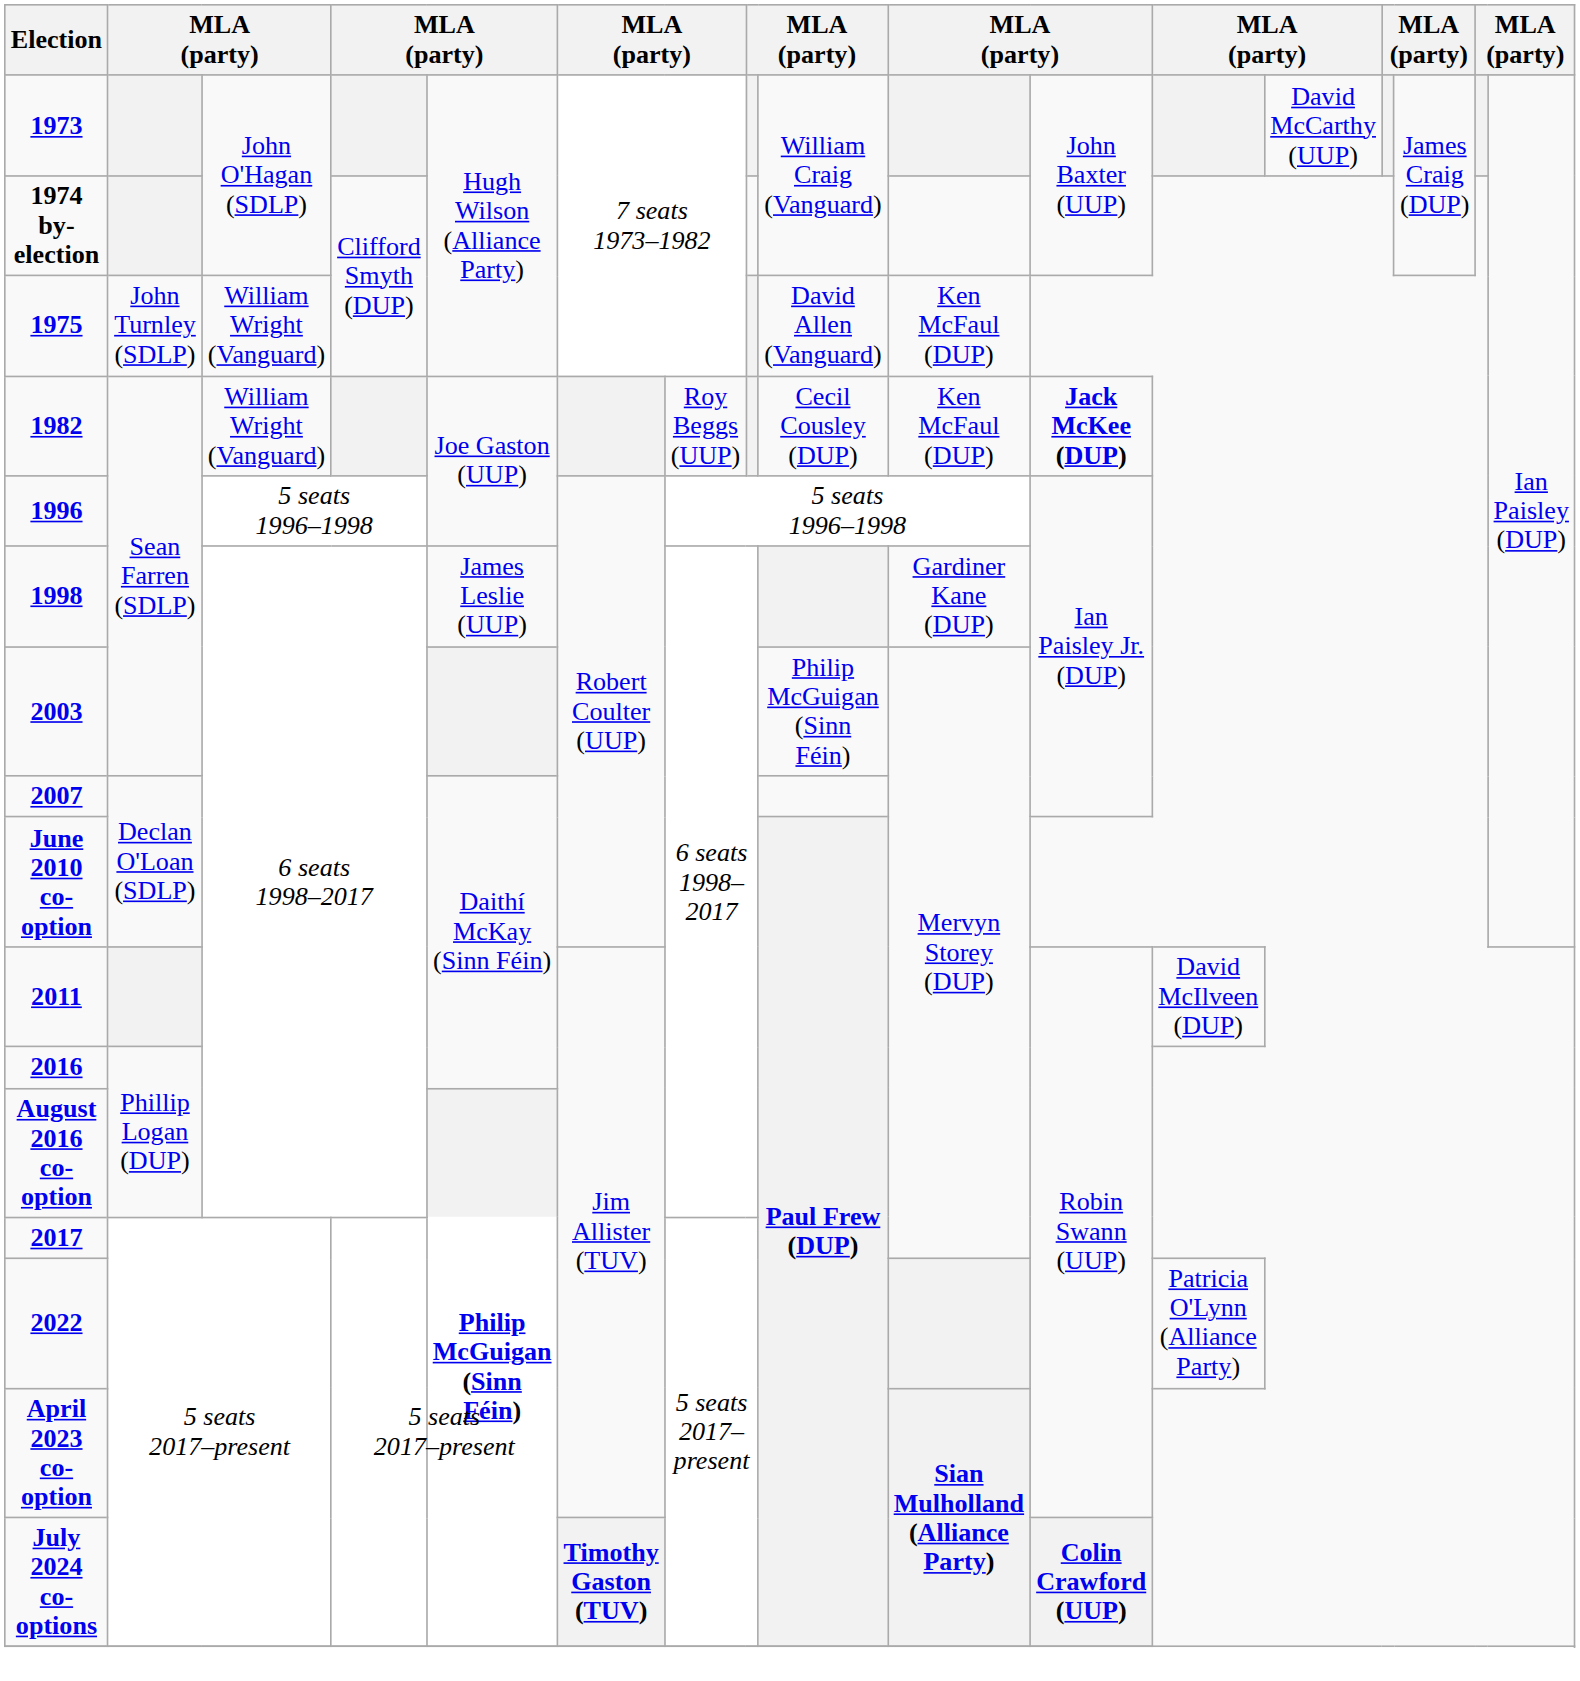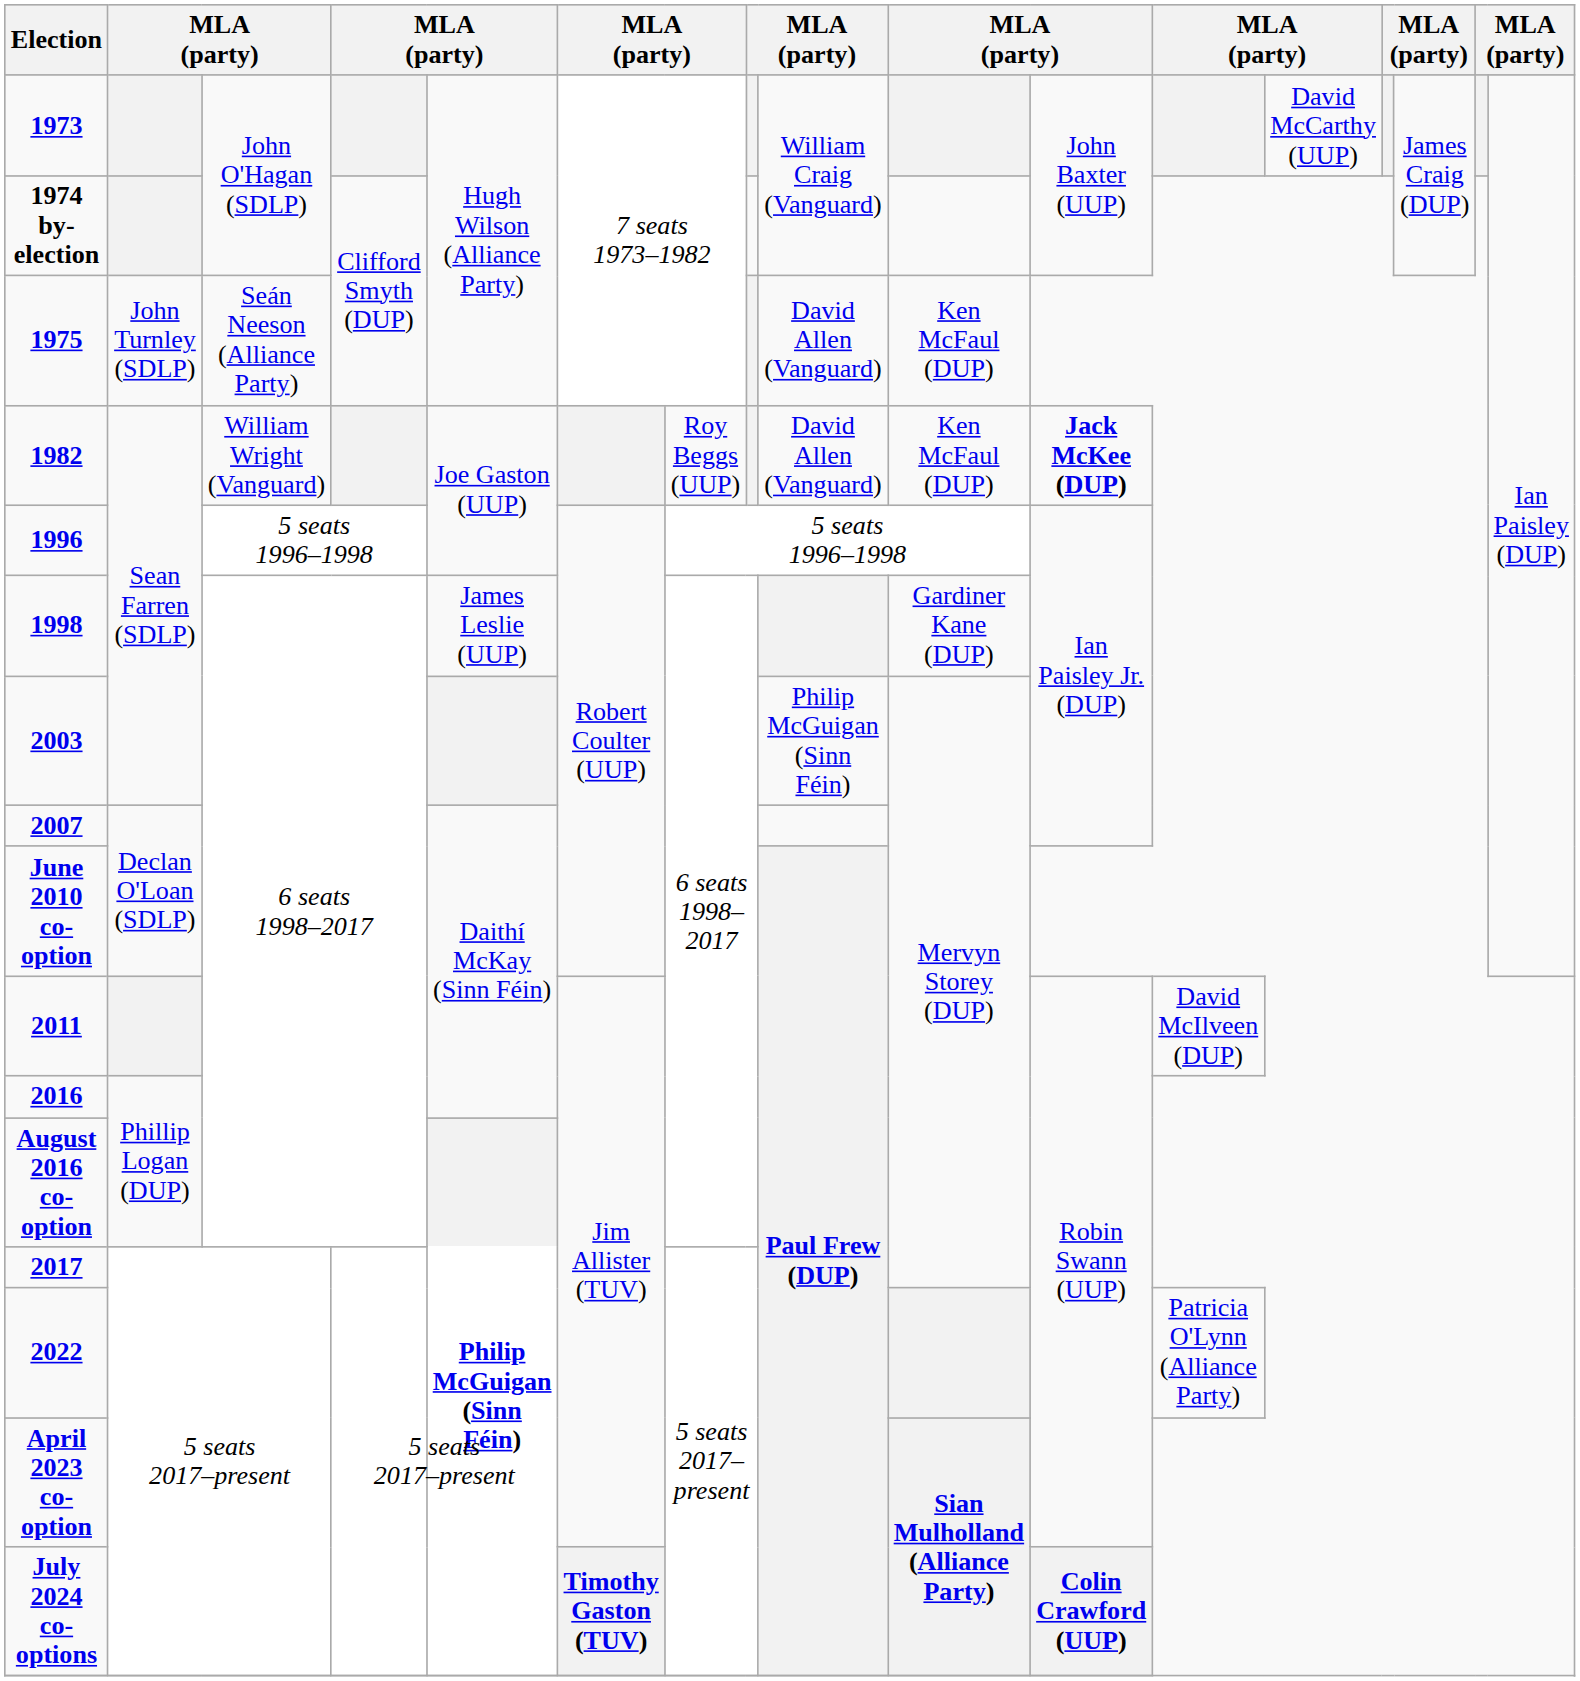 <table class="wikitable" style="text-align:center">
 <tr>
 <th>Election</th>
 <th scope="col" width="150" colspan = "2">MLA<br> (party)</th>
 <th scope="col" width="150" colspan = "2">MLA<br> (party)</th>
 <th scope="col" width="150" colspan = "2">MLA<br> (party)</th>
 <th scope="col" width="150" colspan = "2">MLA<br> (party)</th>
 <th scope="col" width="150" colspan = "2">MLA<br> (party)</th>
 <th scope="col" width="150" colspan = "2">MLA<br> (party)</th>
 <th scope="col" width="150" colspan = "2">MLA<br> (party)</th>
 <th scope="col" width="150" colspan = "2">MLA<br> (party)</th>
 </tr>
 <tr>
 <td><strong><a href='#'>1973</a></strong></td>
 <th style="background-color: "></th>
 <td rowspan=2><a href='#'>John O'Hagan</a><br>(<a href='#'>SDLP</a>)</td>
 <th style="background-color: "></th>
 <td rowspan=3><a href='#'>Hugh Wilson</a><br>(<a href='#'>Alliance Party</a>)</td>
 <td style="background-color:#FFFFFF" rowspan=3 colspan=2><em>7 seats<br>1973–1982</em></td>
 <th style="background-color: "></th>
 <td rowspan=2><a href='#'>William Craig</a><br>(<a href='#'>Vanguard</a>)</td>
 <th style="background-color: "></th>
 <td rowspan=2><a href='#'>John Baxter</a><br>(<a href='#'>UUP</a>)</td>
 <th style="background-color: "></th>
 <td><a href='#'>David McCarthy</a><br>(<a href='#'>UUP</a>)</td>
 <th style="background-color: "></th>
 <td rowspan=2><a href='#'>James Craig</a><br>(<a href='#'>DUP</a>)</td>
 <th style="background-color: "></th>
 <td rowspan=9><a href='#'>Ian Paisley</a><br>(<a href='#'>DUP</a>)</td>
 </tr>
 <tr>
 <td><strong>1974 by-election</strong></td>
 <th style="background-color: "></th>
 <td rowspan=2><a href='#'>Clifford Smyth</a><br>(<a href='#'>DUP</a>)</td>
 </tr>
 <tr>
 <td><strong><a href='#'>1975</a></strong></td>
 <td><a href='#'>John Turnley</a><br>(<a href='#'>SDLP</a>)</td>
-<td><a href='#'>William Wright</a><br>(<a href='#'>Vanguard</a>)</td>
+<td><a href='#'>Seán Neeson</a><br>(<a href='#'>Alliance Party</a>)</td>
 <th style="background-color: "></th>
 <td><a href='#'>David Allen</a><br>(<a href='#'>Vanguard</a>)</td>
 <td><a href='#'>Ken McFaul</a><br>(<a href='#'>DUP</a>)</td>
 </tr>
 <tr>
 <td><strong><a href='#'>1982</a></strong></td>
 <td rowspan=4><a href='#'>Sean Farren</a><br>(<a href='#'>SDLP</a>)</td>
 <td><a href='#'>William Wright</a><br>(<a href='#'>Vanguard</a>)</td>
 <th style="background-color: "></th>
 <td rowspan=2><a href='#'>Joe Gaston</a><br>(<a href='#'>UUP</a>)</td>
 <th style="background-color: "></th>
 <td><a href='#'>Roy Beggs</a><br>(<a href='#'>UUP</a>)</td>
 <th style="background-color: "></th>
-<td><a href='#'>Cecil Cousley</a><br>(<a href='#'>DUP</a>)</td>
+<td><a href='#'>David Allen</a><br>(<a href='#'>Vanguard</a>)</td>
 <td><a href='#'>Ken McFaul</a><br>(<a href='#'>DUP</a>)</td>
 <td><strong><a href='#'>Jack McKee</a><br>(<a href='#'>DUP</a>)</strong></td>
 </tr>
 <tr>
 <td><strong><a href='#'>1996</a></strong></td>
 <td style="background-color:#FFFFFF" colspan=2><em>5 seats<br>1996–1998</em></td>
 <td rowspan=5><a href='#'>Robert Coulter</a><br>(<a href='#'>UUP</a>)</td>
 <td style="background-color:#FFFFFF" colspan=4><em>5 seats<br>1996–1998</em></td>
 <td rowspan=4><a href='#'>Ian Paisley Jr.</a><br>(<a href='#'>DUP</a>)</td>
 </tr>
 <tr>
 <td><strong><a href='#'>1998</a></strong></td>
 <td style="background-color:#FFFFFF" rowspan=7 colspan=2><em>6 seats<br>1998–2017</em></td>
 <td><a href='#'>James Leslie</a><br>(<a href='#'>UUP</a>)</td>
 <td style="background-color:#FFFFFF" rowspan=7 colspan=2><em>6 seats<br>1998–2017</em></td>
 <th style="background-color: "></th>
 <td><a href='#'>Gardiner Kane</a><br>(<a href='#'>DUP</a>)</td>
 </tr>
 <tr>
 <td><strong><a href='#'>2003</a></strong></td>
 <th style="background-color: "></th>
 <td><a href='#'>Philip McGuigan</a><br>(<a href='#'>Sinn Féin</a>)</td>
 <td rowspan=7><a href='#'>Mervyn Storey</a><br>(<a href='#'>DUP</a>)</td>
 </tr>
 <tr>
 <td><strong><a href='#'>2007</a></strong></td>
 <td rowspan=2><a href='#'>Declan O'Loan</a><br>(<a href='#'>SDLP</a>)</td>
 <td rowspan=4><a href='#'>Daithí McKay</a><br>(<a href='#'>Sinn Féin</a>)</td>
 </tr>
 <tr>
 <td><strong><a href='#'>June 2010<br>co-option</a></strong></td>
 <th rowspan=8><a href='#'>Paul Frew</a><br>(<a href='#'>DUP</a>)</th>
 </tr>
 <tr>
 <td><strong><a href='#'>2011</a></strong></td>
 <th style="background-color: "></th>
 <td rowspan=6><a href='#'>Jim Allister</a><br>(<a href='#'>TUV</a>)</td>
 <td rowspan=6><a href='#'>Robin Swann</a><br>(<a href='#'>UUP</a>)</td>
 <td><a href='#'>David McIlveen</a><br>(<a href='#'>DUP</a>)</td>
 </tr>
 <tr>
 <td><strong><a href='#'>2016</a></strong></td>
 <td rowspan=2><a href='#'>Phillip Logan</a><br>(<a href='#'>DUP</a>)</td>
 </tr>
 <tr>
 <td><strong><a href='#'>August 2016<br>co-option</a></strong></td>
 <th rowspan=5><a href='#'>Philip McGuigan</a><br>(<a href='#'>Sinn Féin</a>)</th>
 </tr>
 <tr>
 <td><strong><a href='#'>2017</a></strong></td>
 <td style="background-color:#FFFFFF" colspan=2 rowspan=4><em>5 seats<br>2017–present</em></td>
 <td style="background-color:#FFFFFF" colspan=2 rowspan=4><em>5 seats<br>2017–present</em></td>
 <td style="background-color:#FFFFFF" colspan=2 rowspan=4><em>5 seats<br>2017–present</em></td>
 </tr>
 <tr>
 <td><strong><a href='#'>2022</a></strong></td>
 <th style="background-color: "></th>
 <td><a href='#'>Patricia O'Lynn</a><br>(<a href='#'>Alliance Party</a>)</td>
 </tr>
 <tr>
 <td><strong><a href='#'>April 2023 <br> co-option</a></strong></td>
 <th rowspan=2><a href='#'>Sian Mulholland</a><br>(<a href='#'>Alliance Party</a>)</th>
 </tr>
 <tr>
 <td><strong><a href='#'>July 2024 <br> co-options</a></strong></td>
 <th><a href='#'>Timothy Gaston</a><br>(<a href='#'>TUV</a>)</th>
 <th><a href='#'>Colin Crawford</a><br>(<a href='#'>UUP</a>)</th>
 </tr>
 <tr>
 </tr>
 </table>
